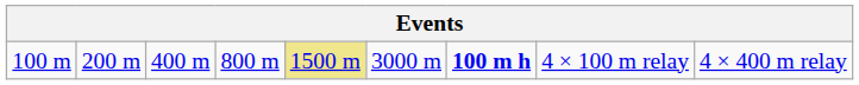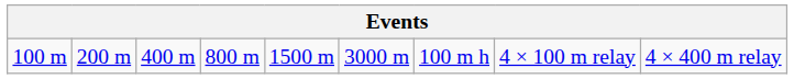 <table class="wikitable" style="margin: 1em auto 1em auto">
 <tr>
 <th colspan=9>Events</th>
 </tr>
 <tr>
 <td><a href='#'>100 m</a></td>
 <td><a href='#'>200 m</a></td>
 <td><a href='#'>400 m</a></td>
 <td><a href='#'>800 m</a></td>
-<td style="background: khaki;"><a href='#'>1500 m</a></td>
+<td><a href='#'>1500 m</a></td>
 <td><a href='#'>3000 m</a></td>
-<td><strong><a href='#'>100 m h</a></strong></td>
+<td><a href='#'>100 m h</a></td>
 <td><a href='#'>4 × 100 m relay</a></td>
 <td><a href='#'>4 × 400 m relay</a></td>
 </tr>
 </table>
